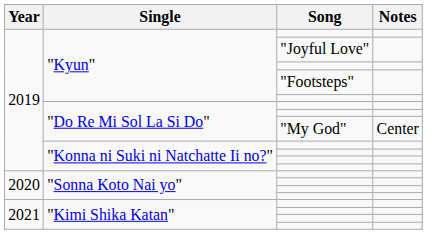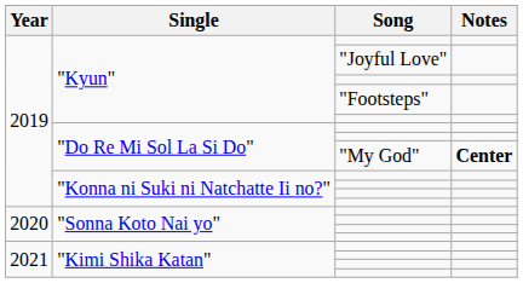 <table class="wikitable">
 <tr>
 <th>Year</th>
 <th>Single</th>
 <th>Song</th>
 <th>Notes</th>
 </tr>
 <tr>
 <td rowspan="12">2019</td>
 <td rowspan="5">"<a href='#'>Kyun</a>"</td>
 <td></td>
 <td></td>
 </tr>
 <tr>
 <td>"Joyful Love"</td>
 <td></td>
 </tr>
 <tr>
 <td></td>
 <td></td>
 </tr>
 <tr>
 <td>"Footsteps"</td>
 <td></td>
 </tr>
 <tr>
 <td></td>
 <td></td>
 </tr>
 <tr>
 <td rowspan="3">"<a href='#'>Do Re Mi Sol La Si Do</a>"</td>
 <td></td>
 <td></td>
 </tr>
 <tr>
 <td></td>
 <td></td>
 </tr>
 <tr>
 <td>"My God"</td>
-<td>Center</td>
+<td><strong>Center</strong></td>
 </tr>
 <tr>
 <td rowspan="4">"<a href='#'>Konna ni Suki ni Natchatte Ii no?</a>"</td>
 <td></td>
 <td></td>
 </tr>
 <tr>
 <td></td>
 <td></td>
 </tr>
 <tr>
 <td></td>
 <td></td>
 </tr>
 <tr>
 <td></td>
 <td></td>
 </tr>
 <tr>
 <td rowspan="4">2020</td>
 <td rowspan="4">"<a href='#'>Sonna Koto Nai yo</a>"</td>
 <td></td>
 <td></td>
 </tr>
 <tr>
 <td></td>
 <td></td>
 </tr>
 <tr>
 <td></td>
 <td></td>
 </tr>
 <tr>
 <td></td>
 <td></td>
 </tr>
 <tr>
 <td rowspan="5">2021</td>
 <td rowspan="5">"<a href='#'>Kimi Shika Katan</a>"</td>
 <td></td>
 <td></td>
 </tr>
 <tr>
 <td></td>
 <td></td>
 </tr>
 <tr>
 <td></td>
 <td></td>
 </tr>
 <tr>
 <td></td>
 <td></td>
 </tr>
 </table>
